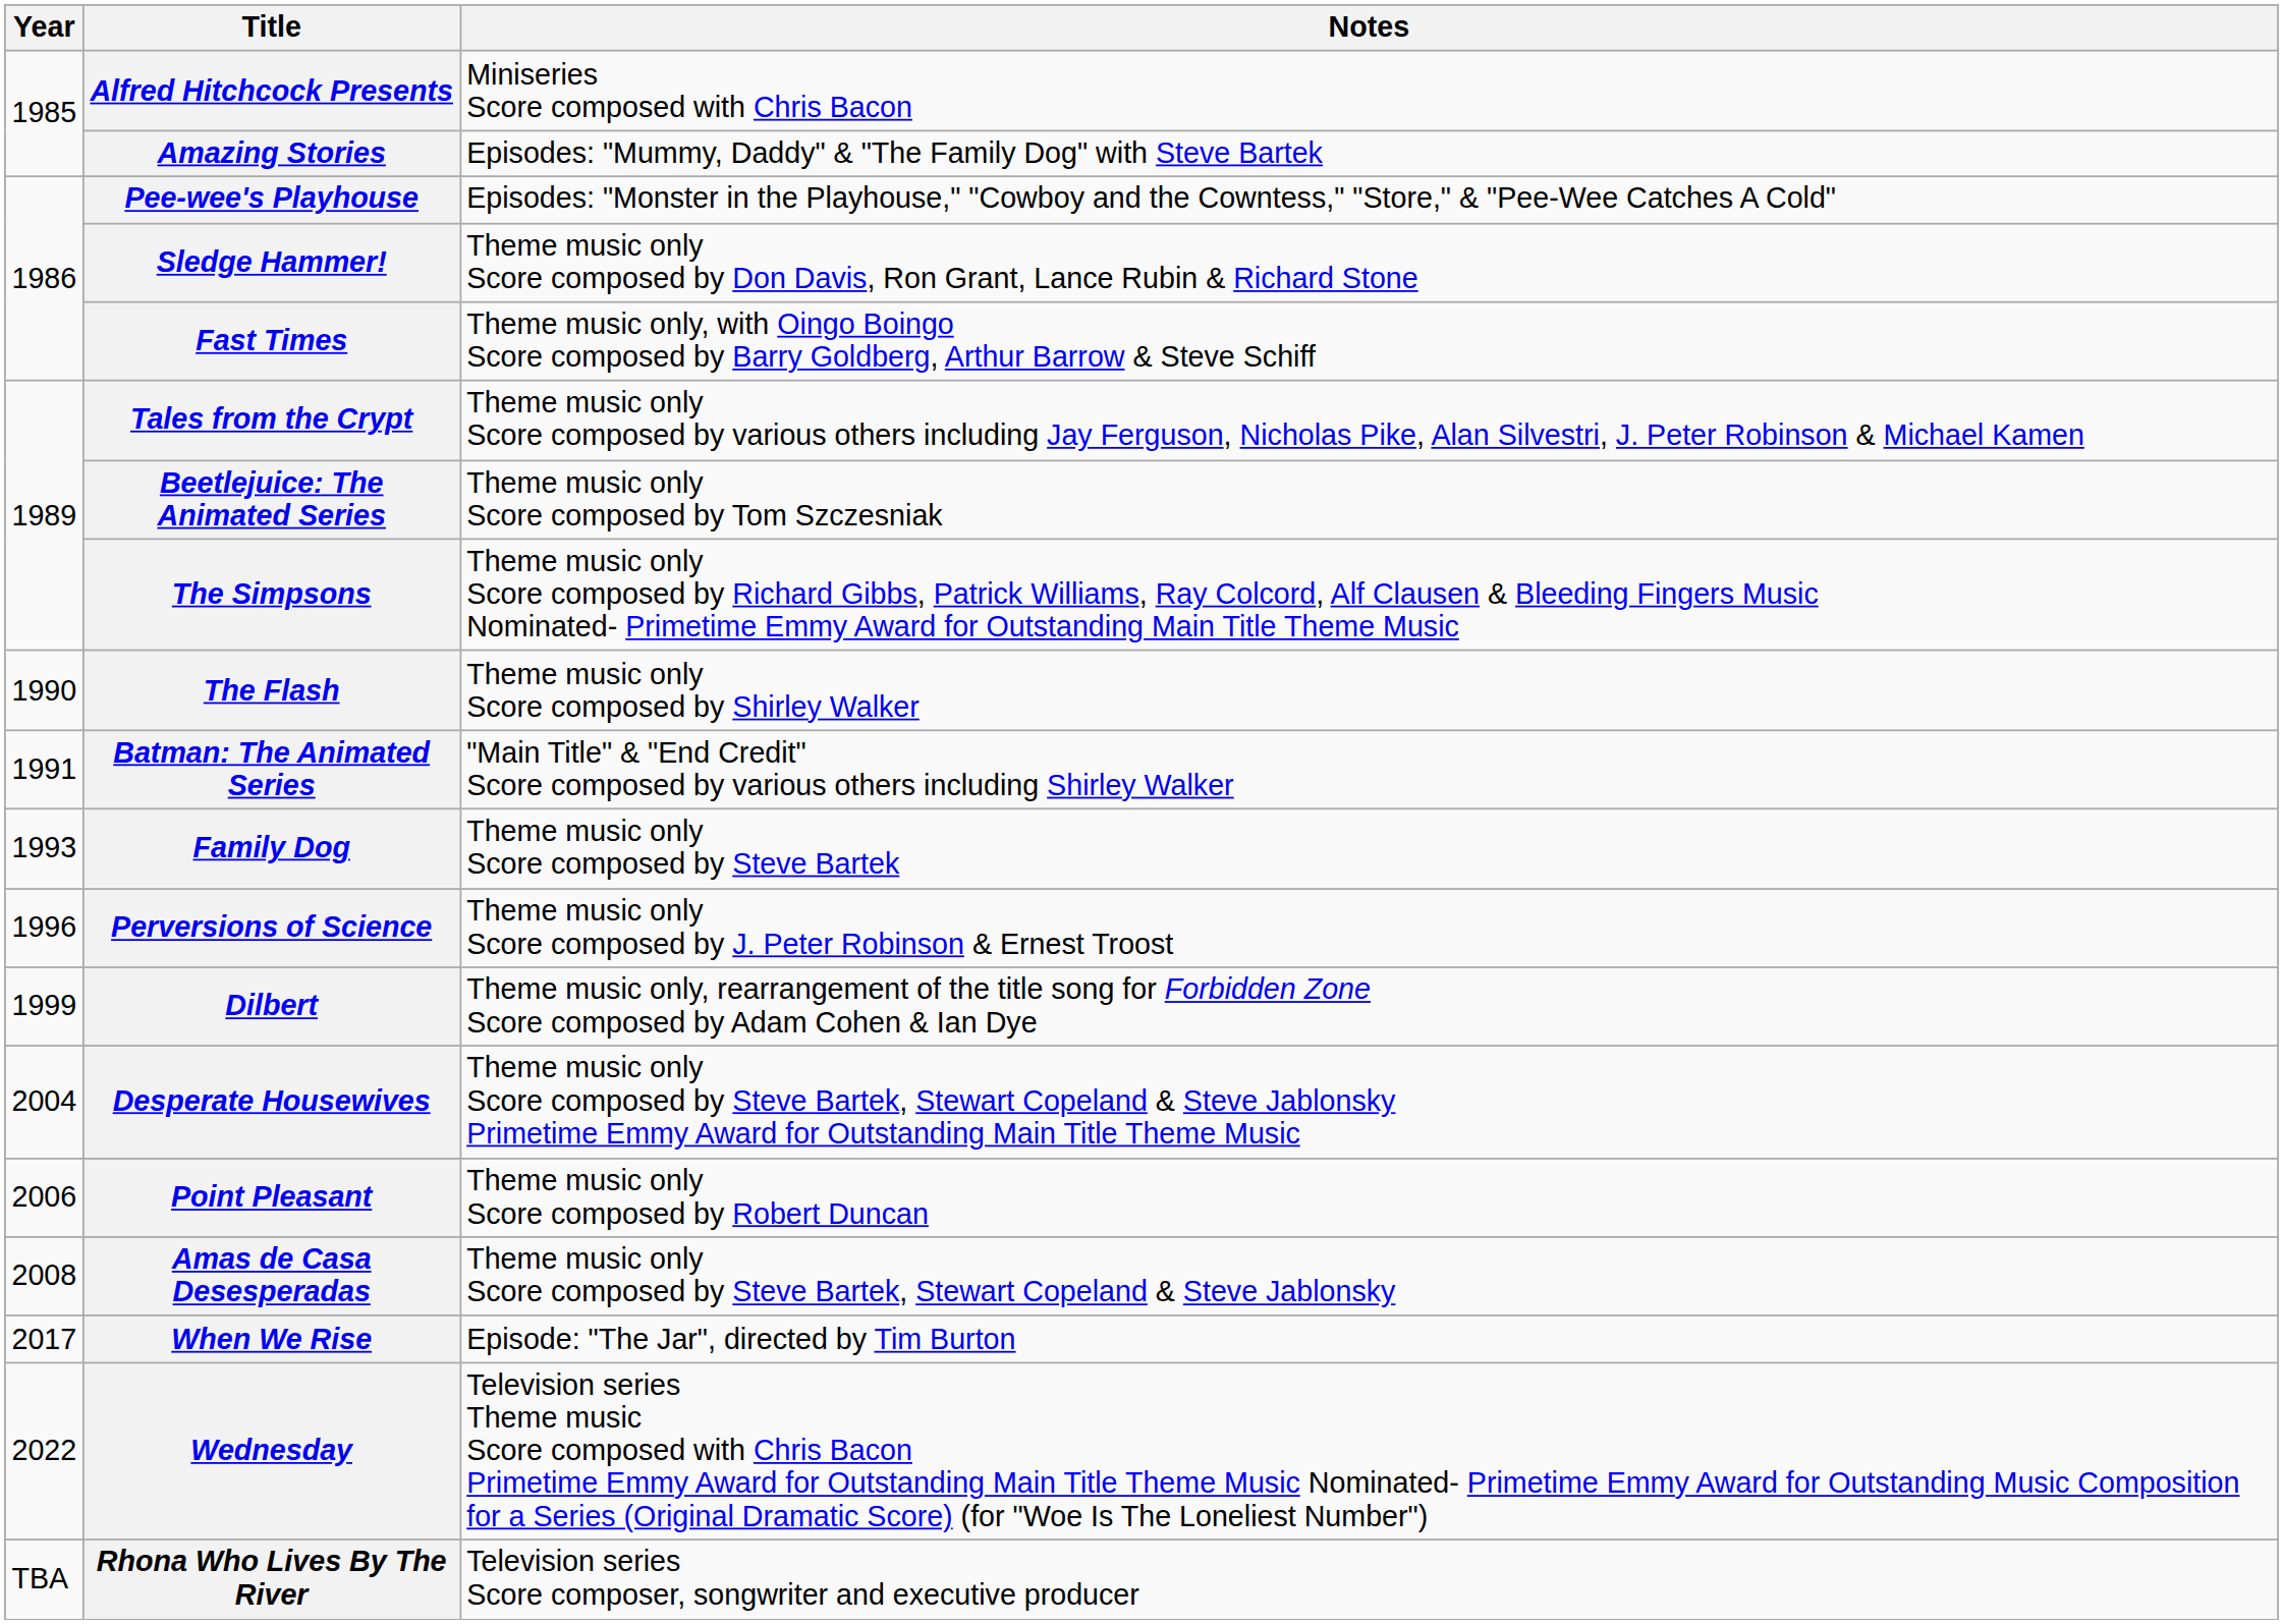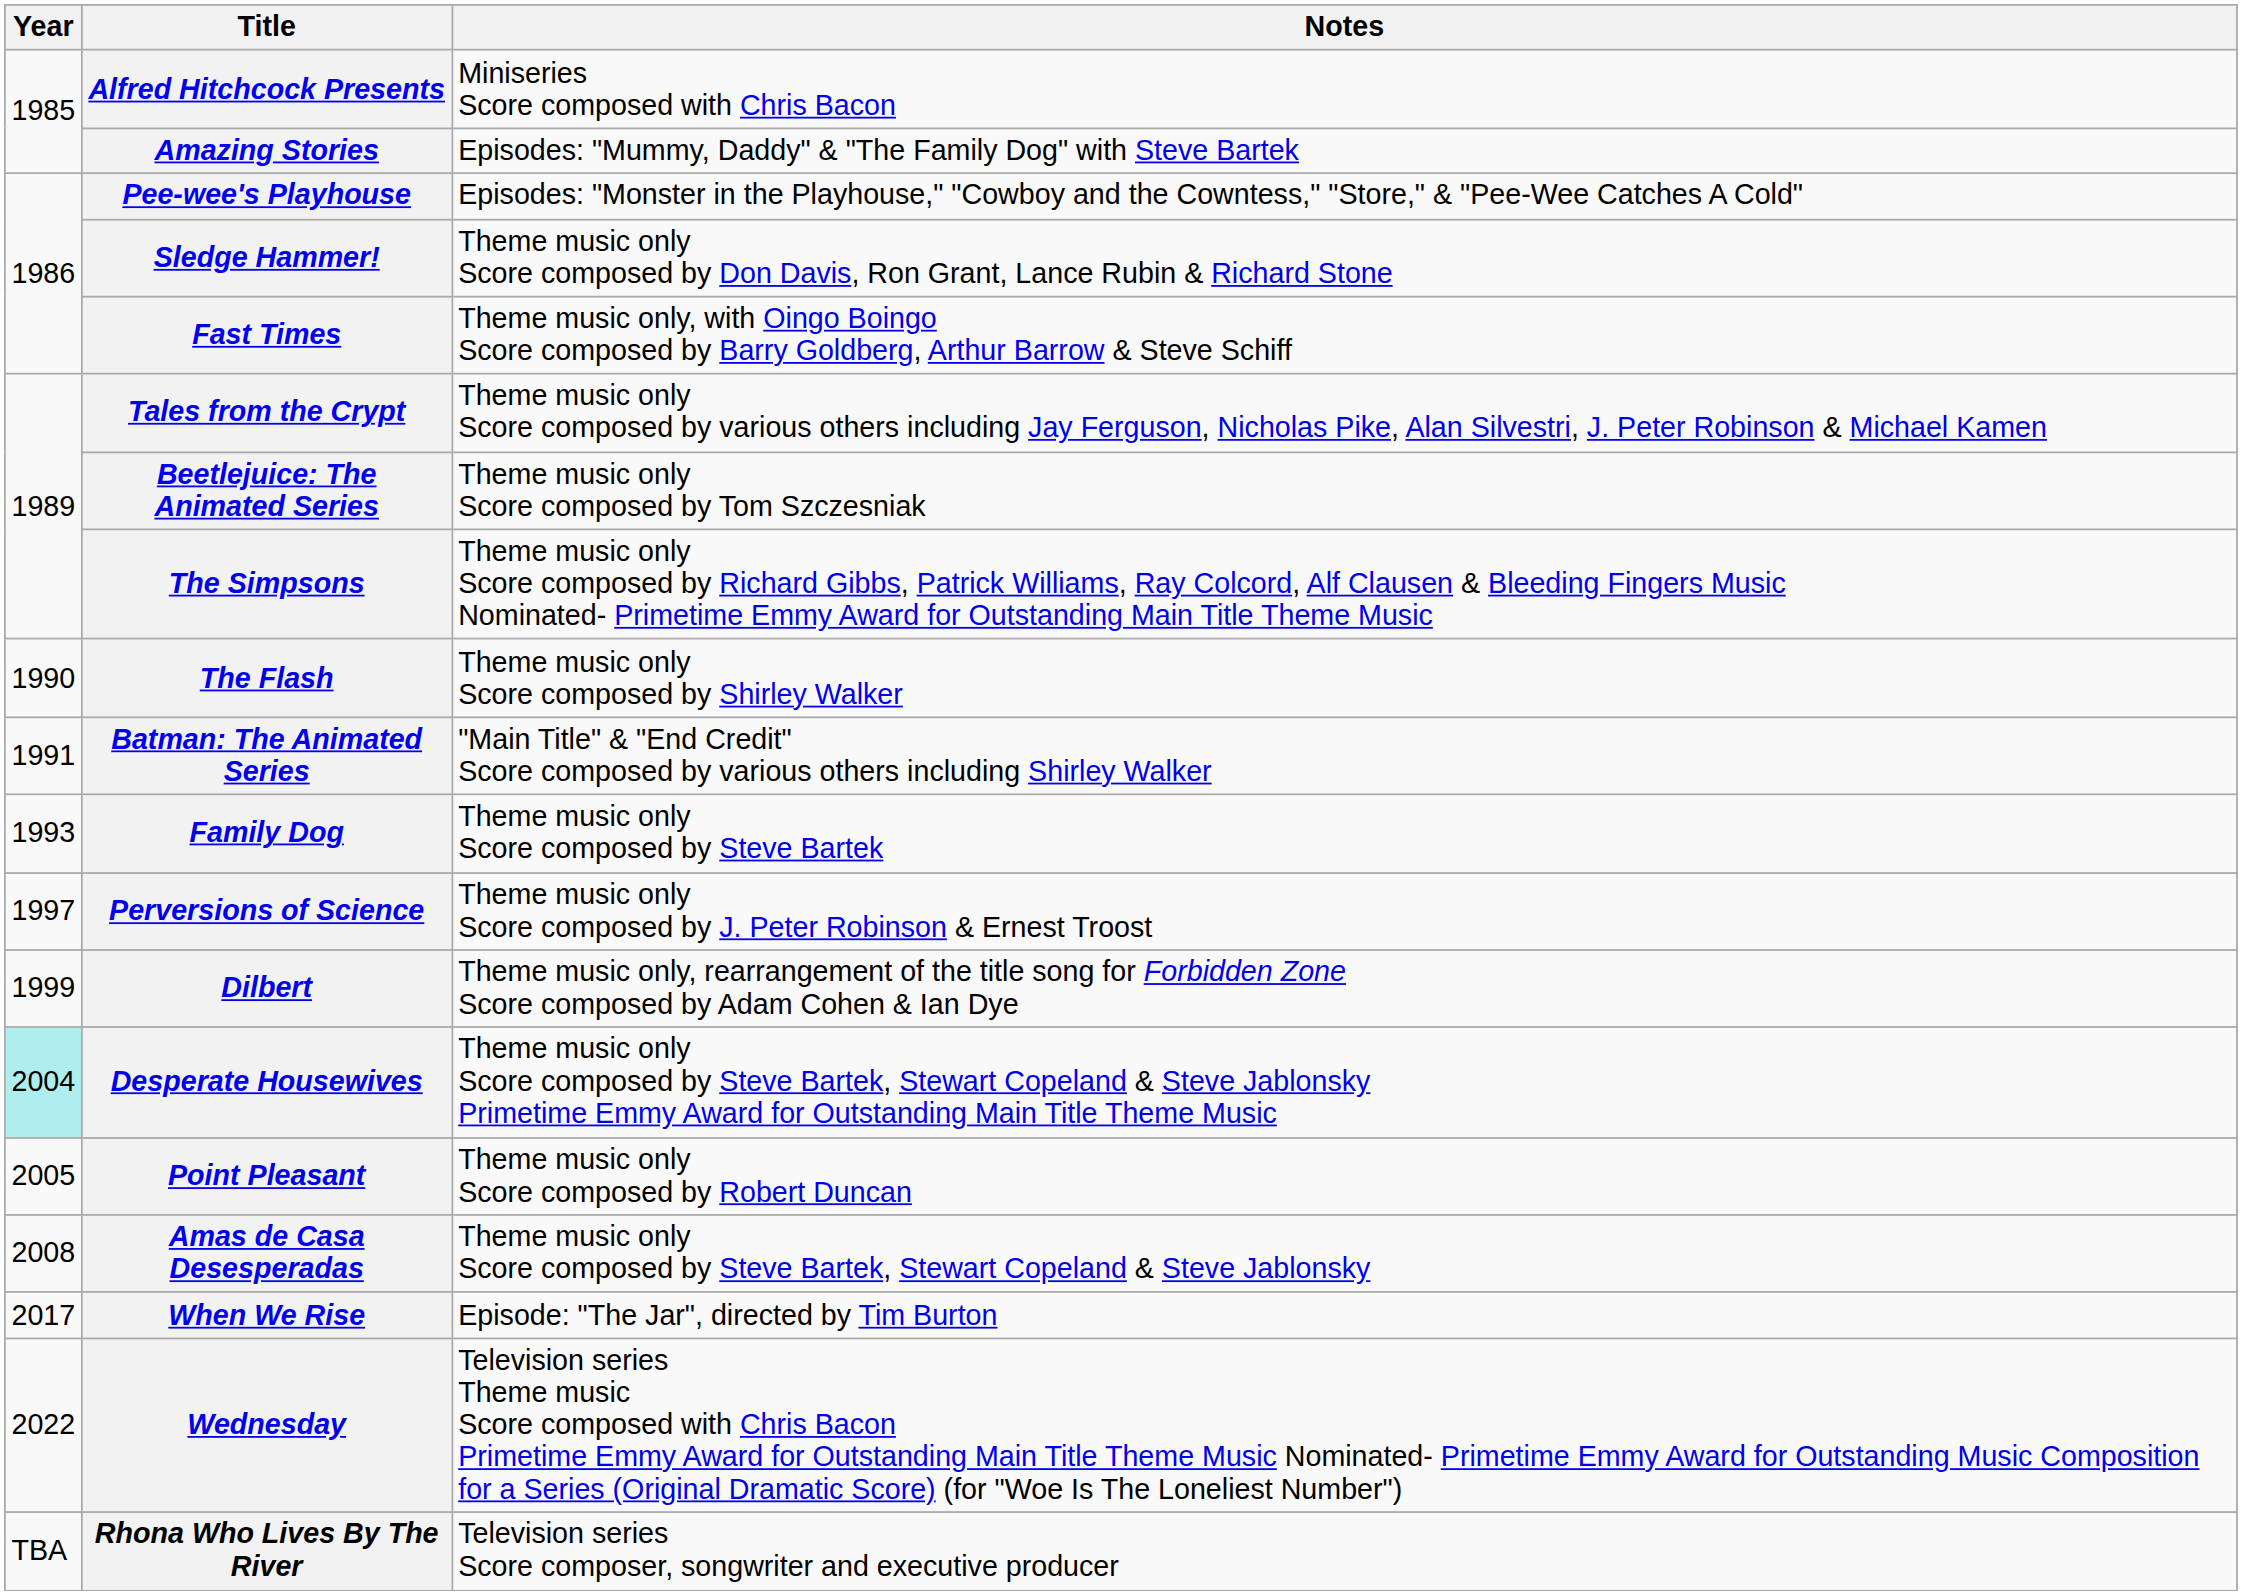 <table class="wikitable sortable">
 <tr>
 <th>Year</th>
 <th>Title</th>
 <th>Notes</th>
 </tr>
 <tr>
 <td rowspan="2">1985</td>
 <th><em><a href='#'>Alfred Hitchcock Presents</a></em></th>
 <td>Miniseries<br>Score composed with <a href='#'>Chris Bacon</a></td>
 </tr>
 <tr>
 <th><em><a href='#'>Amazing Stories</a></em></th>
 <td>Episodes: "Mummy, Daddy" & "The Family Dog" with <a href='#'>Steve Bartek</a></td>
 </tr>
 <tr>
 <td rowspan="3">1986</td>
 <th><em><a href='#'>Pee-wee's Playhouse</a></em></th>
 <td>Episodes: "Monster in the Playhouse," "Cowboy and the Cowntess," "Store," & "Pee-Wee Catches A Cold"</td>
 </tr>
 <tr>
 <th><em><a href='#'>Sledge Hammer!</a></em></th>
 <td>Theme music only<br>Score composed by <a href='#'>Don Davis</a>, Ron Grant, Lance Rubin & <a href='#'>Richard Stone</a></td>
 </tr>
 <tr>
 <th><em><a href='#'>Fast Times</a></em></th>
 <td>Theme music only, with <a href='#'>Oingo Boingo</a><br>Score composed by <a href='#'>Barry Goldberg</a>, <a href='#'>Arthur Barrow</a> & Steve Schiff</td>
 </tr>
 <tr>
 <td rowspan="3">1989</td>
 <th><em><a href='#'>Tales from the Crypt</a></em></th>
 <td>Theme music only<br>Score composed by various others including <a href='#'>Jay Ferguson</a>, <a href='#'>Nicholas Pike</a>, <a href='#'>Alan Silvestri</a>, <a href='#'>J. Peter Robinson</a> & <a href='#'>Michael Kamen</a></td>
 </tr>
 <tr>
 <th><em><a href='#'>Beetlejuice: The Animated Series</a></em></th>
 <td>Theme music only<br>Score composed by Tom Szczesniak</td>
 </tr>
 <tr>
 <th><em><a href='#'>The Simpsons</a></em></th>
 <td>Theme music only<br>Score composed by <a href='#'>Richard Gibbs</a>, <a href='#'>Patrick Williams</a>, <a href='#'>Ray Colcord</a>, <a href='#'>Alf Clausen</a> & <a href='#'>Bleeding Fingers Music</a><br>Nominated- <a href='#'>Primetime Emmy Award for Outstanding Main Title Theme Music</a></td>
 </tr>
 <tr>
 <td>1990</td>
 <th><em><a href='#'>The Flash</a></em></th>
 <td>Theme music only<br>Score composed by <a href='#'>Shirley Walker</a></td>
 </tr>
 <tr>
 <td>1991</td>
 <th><em><a href='#'>Batman: The Animated Series</a></em></th>
 <td>"Main Title" & "End Credit"<br>Score composed by various others including <a href='#'>Shirley Walker</a></td>
 </tr>
 <tr>
 <td>1993</td>
 <th><em><a href='#'>Family Dog</a></em></th>
 <td>Theme music only<br>Score composed by <a href='#'>Steve Bartek</a></td>
 </tr>
 <tr>
-<td>1996</td>
+<td>1997</td>
 <th><em><a href='#'>Perversions of Science</a></em></th>
 <td>Theme music only<br>Score composed by <a href='#'>J. Peter Robinson</a> & Ernest Troost</td>
 </tr>
 <tr>
 <td>1999</td>
 <th><em><a href='#'>Dilbert</a></em></th>
 <td>Theme music only, rearrangement of the title song for <em><a href='#'>Forbidden Zone</a></em><br>Score composed by Adam Cohen & Ian Dye</td>
 </tr>
 <tr>
-<td>2004</td>
+<td style="background: paleturquoise;">2004</td>
 <th><em><a href='#'>Desperate Housewives</a></em></th>
 <td>Theme music only<br>Score composed by <a href='#'>Steve Bartek</a>, <a href='#'>Stewart Copeland</a> & <a href='#'>Steve Jablonsky</a><br><a href='#'>Primetime Emmy Award for Outstanding Main Title Theme Music</a></td>
 </tr>
 <tr>
-<td>2006</td>
+<td>2005</td>
 <th><em><a href='#'>Point Pleasant</a></em></th>
 <td>Theme music only<br>Score composed by <a href='#'>Robert Duncan</a></td>
 </tr>
 <tr>
 <td>2008</td>
 <th><em><a href='#'>Amas de Casa Desesperadas</a></em></th>
 <td>Theme music only<br>Score composed by <a href='#'>Steve Bartek</a>, <a href='#'>Stewart Copeland</a> & <a href='#'>Steve Jablonsky</a></td>
 </tr>
 <tr>
 <td>2017</td>
 <th><em><a href='#'>When We Rise</a></em></th>
 <td>Episode: "The Jar", directed by <a href='#'>Tim Burton</a></td>
 </tr>
 <tr>
 <td>2022</td>
 <th><em><a href='#'>Wednesday</a></em></th>
 <td>Television series<br>Theme music<br>Score composed with <a href='#'>Chris Bacon</a><br><a href='#'>Primetime Emmy Award for Outstanding Main Title Theme Music</a> Nominated- <a href='#'>Primetime Emmy Award for Outstanding Music Composition for a Series (Original Dramatic Score)</a> (for "Woe Is The Loneliest Number")</td>
 </tr>
 <tr>
 <td>TBA</td>
 <th><em>Rhona Who Lives By The River</em></th>
 <td>Television series<br>Score composer, songwriter and executive producer</td>
 </tr>
 </table>
